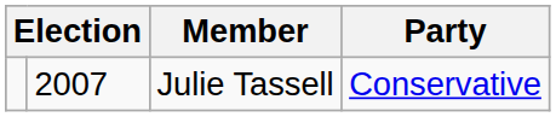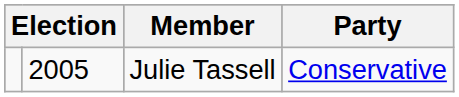 <table class="wikitable">
 <tr>
 <th colspan="2">Election</th>
 <th>Member</th>
 <th>Party</th>
 </tr>
 <tr>
 <td style="background-color: "></td>
-<td>2007</td>
+<td>2005</td>
 <td>Julie Tassell</td>
 <td><a href='#'>Conservative</a></td>
 </tr>
 </table>
